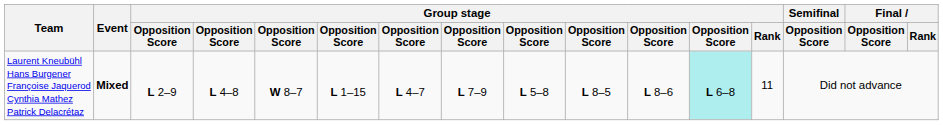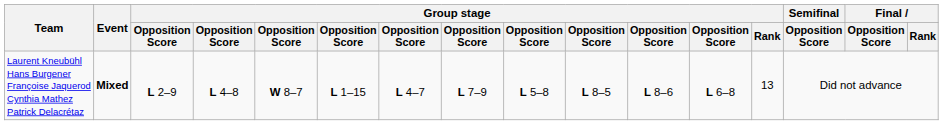 <table class=wikitable style="font-size:90%">
 <tr>
 <th rowspan=2>Team</th>
 <th rowspan=2>Event</th>
 <th colspan=11>Group stage</th>
 <th>Semifinal</th>
 <th colspan=2>Final / </th>
 </tr>
 <tr style="font-size:95%">
 <th>Opposition<br>Score</th>
 <th>Opposition<br>Score</th>
 <th>Opposition<br>Score</th>
 <th>Opposition<br>Score</th>
 <th>Opposition<br>Score</th>
 <th>Opposition<br>Score</th>
 <th>Opposition<br>Score</th>
 <th>Opposition<br>Score</th>
 <th>Opposition<br>Score</th>
 <th>Opposition<br>Score</th>
 <th>Rank</th>
 <th>Opposition<br>Score</th>
 <th>Opposition<br>Score</th>
 <th>Rank</th>
 </tr>
 <tr align="center">
 <td align="left"><small><a href='#'>Laurent Kneubühl</a><br><a href='#'>Hans Burgener</a><br><a href='#'>Françoise Jaquerod</a><br><a href='#'>Cynthia Mathez</a><br><a href='#'>Patrick Delacrétaz</a></small></td>
 <td><strong>Mixed</strong></td>
 <td><br><strong>L</strong> 2–9</td>
 <td><br><strong>L</strong> 4–8</td>
 <td><br><strong>W</strong> 8–7</td>
 <td><br><strong>L</strong> 1–15</td>
 <td><br><strong>L</strong> 4–7</td>
 <td><br><strong>L</strong> 7–9</td>
 <td><br><strong>L</strong> 5–8</td>
 <td><br><strong>L</strong> 8–5</td>
 <td><br><strong>L</strong> 8–6</td>
-<td style="background: paleturquoise;"><br><strong>L</strong> 6–8</td>
-<td>11</td>
+<td><br><strong>L</strong> 6–8</td>
+<td>13</td>
 <td colspan=3>Did not advance</td>
 </tr>
 </table>
